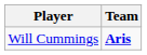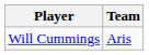 <table class="wikitable">
 <tr>
 <th>Player</th>
 <th>Team</th>
 </tr>
 <tr>
 <td> <a href='#'>Will Cummings</a></td>
-<td><strong><a href='#'>Aris</a></strong></td>
+<td><a href='#'>Aris</a></td>
 </tr>
 </table>
